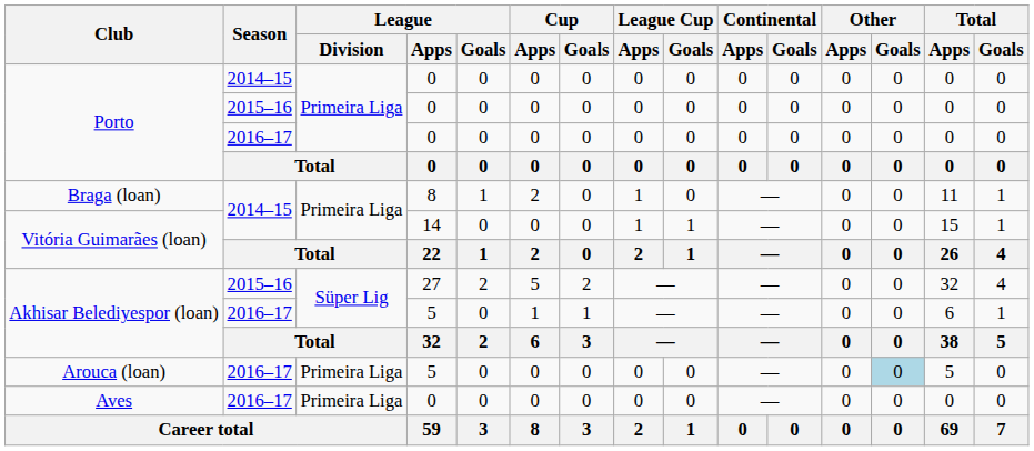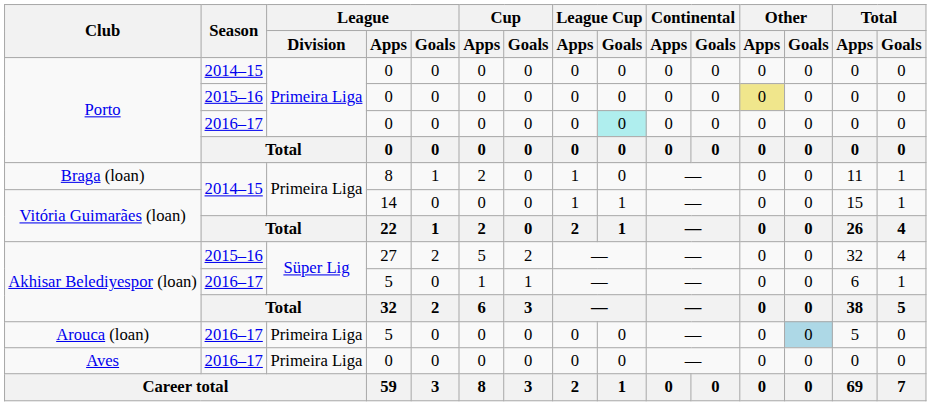 <table class="wikitable" style="text-align:center">
 <tr>
 <th rowspan="2">Club</th>
 <th rowspan="2">Season</th>
 <th colspan="3">League</th>
 <th colspan="2">Cup</th>
 <th colspan="2">League Cup</th>
 <th colspan="2">Continental</th>
 <th colspan="2">Other</th>
 <th colspan="2">Total</th>
 </tr>
 <tr>
 <th>Division</th>
 <th>Apps</th>
 <th>Goals</th>
 <th>Apps</th>
 <th>Goals</th>
 <th>Apps</th>
 <th>Goals</th>
 <th>Apps</th>
 <th>Goals</th>
 <th>Apps</th>
 <th>Goals</th>
 <th>Apps</th>
 <th>Goals</th>
 </tr>
 <tr>
 <td rowspan="4"><a href='#'>Porto</a></td>
 <td><a href='#'>2014–15</a></td>
 <td rowspan="3"><a href='#'>Primeira Liga</a></td>
 <td>0</td>
 <td>0</td>
 <td>0</td>
 <td>0</td>
 <td>0</td>
 <td>0</td>
 <td>0</td>
 <td>0</td>
 <td>0</td>
 <td>0</td>
 <td>0</td>
 <td>0</td>
 </tr>
 <tr>
 <td><a href='#'>2015–16</a></td>
 <td>0</td>
 <td>0</td>
 <td>0</td>
 <td>0</td>
 <td>0</td>
 <td>0</td>
 <td>0</td>
 <td>0</td>
-<td>0</td>
+<td style="background: khaki;">0</td>
 <td>0</td>
 <td>0</td>
 <td>0</td>
 </tr>
 <tr>
 <td><a href='#'>2016–17</a></td>
 <td>0</td>
 <td>0</td>
 <td>0</td>
 <td>0</td>
 <td>0</td>
-<td>0</td>
+<td style="background: paleturquoise;">0</td>
 <td>0</td>
 <td>0</td>
 <td>0</td>
 <td>0</td>
 <td>0</td>
 <td>0</td>
 </tr>
 <tr>
 <th colspan="2">Total</th>
 <th>0</th>
 <th>0</th>
 <th>0</th>
 <th>0</th>
 <th>0</th>
 <th>0</th>
 <th>0</th>
 <th>0</th>
 <th>0</th>
 <th>0</th>
 <th>0</th>
 <th>0</th>
 </tr>
 <tr>
 <td rowspan="1"><a href='#'>Braga</a> (loan)</td>
 <td rowspan="2"><a href='#'>2014–15</a></td>
 <td rowspan="2">Primeira Liga</td>
 <td>8</td>
 <td>1</td>
 <td>2</td>
 <td>0</td>
 <td>1</td>
 <td>0</td>
 <td colspan="2">—</td>
 <td>0</td>
 <td>0</td>
 <td>11</td>
 <td>1</td>
 </tr>
 <tr>
 <td rowspan="2"><a href='#'>Vitória Guimarães</a> (loan)</td>
 <td>14</td>
 <td>0</td>
 <td>0</td>
 <td>0</td>
 <td>1</td>
 <td>1</td>
 <td colspan="2">—</td>
 <td>0</td>
 <td>0</td>
 <td>15</td>
 <td>1</td>
 </tr>
 <tr>
 <th colspan="2">Total</th>
 <th>22</th>
 <th>1</th>
 <th>2</th>
 <th>0</th>
 <th>2</th>
 <th>1</th>
 <th colspan="2">—</th>
 <th>0</th>
 <th>0</th>
 <th>26</th>
 <th>4</th>
 </tr>
 <tr>
 <td rowspan="3"><a href='#'>Akhisar Belediyespor</a> (loan)</td>
 <td><a href='#'>2015–16</a></td>
 <td rowspan="2"><a href='#'>Süper Lig</a></td>
 <td>27</td>
 <td>2</td>
 <td>5</td>
 <td>2</td>
 <td colspan="2">—</td>
 <td colspan="2">—</td>
 <td>0</td>
 <td>0</td>
 <td>32</td>
 <td>4</td>
 </tr>
 <tr>
 <td><a href='#'>2016–17</a></td>
 <td>5</td>
 <td>0</td>
 <td>1</td>
 <td>1</td>
 <td colspan="2">—</td>
 <td colspan="2">—</td>
 <td>0</td>
 <td>0</td>
 <td>6</td>
 <td>1</td>
 </tr>
 <tr>
 <th colspan="2">Total</th>
 <th>32</th>
 <th>2</th>
 <th>6</th>
 <th>3</th>
 <th colspan="2">—</th>
 <th colspan="2">—</th>
 <th>0</th>
 <th>0</th>
 <th>38</th>
 <th>5</th>
 </tr>
 <tr>
 <td rowspan="1"><a href='#'>Arouca</a> (loan)</td>
 <td><a href='#'>2016–17</a></td>
 <td rowspan="1">Primeira Liga</td>
 <td>5</td>
 <td>0</td>
 <td>0</td>
 <td>0</td>
 <td>0</td>
 <td>0</td>
 <td colspan="2">—</td>
 <td>0</td>
 <td style="background: lightblue;">0</td>
 <td>5</td>
 <td>0</td>
 </tr>
 <tr>
 <td rowspan="1"><a href='#'>Aves</a></td>
 <td><a href='#'>2016–17</a></td>
 <td rowspan="1">Primeira Liga</td>
 <td>0</td>
 <td>0</td>
 <td>0</td>
 <td>0</td>
 <td>0</td>
 <td>0</td>
 <td colspan="2">—</td>
 <td>0</td>
 <td>0</td>
 <td>0</td>
 <td>0</td>
 </tr>
 <tr>
 <th colspan="3">Career total</th>
 <th>59</th>
 <th>3</th>
 <th>8</th>
 <th>3</th>
 <th>2</th>
 <th>1</th>
 <th>0</th>
 <th>0</th>
 <th>0</th>
 <th>0</th>
 <th>69</th>
 <th>7</th>
 </tr>
 </table>
